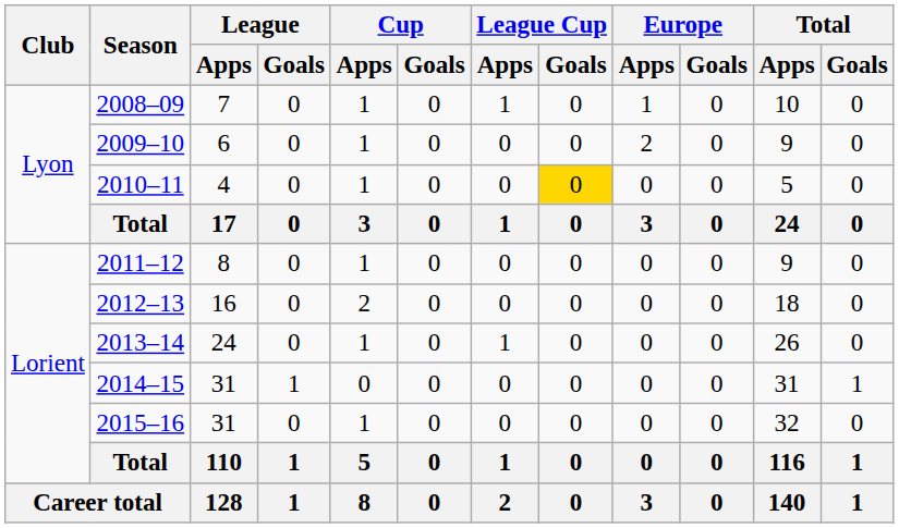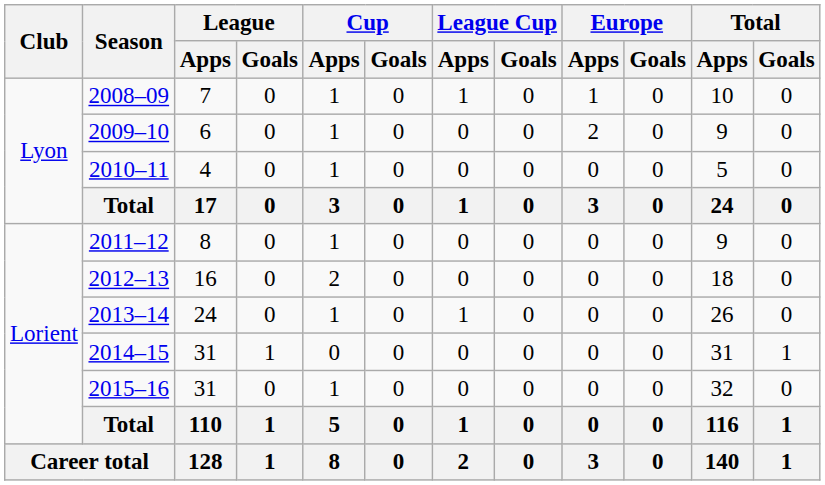 <table class="wikitable" style="text-align: center">
 <tr>
 <th rowspan="2">Club</th>
 <th rowspan="2">Season</th>
 <th colspan="2">League</th>
 <th colspan="2"><a href='#'>Cup</a></th>
 <th colspan="2"><a href='#'>League Cup</a></th>
 <th colspan="2"><a href='#'>Europe</a></th>
 <th colspan="2">Total</th>
 </tr>
 <tr>
 <th>Apps</th>
 <th>Goals</th>
 <th>Apps</th>
 <th>Goals</th>
 <th>Apps</th>
 <th>Goals</th>
 <th>Apps</th>
 <th>Goals</th>
 <th>Apps</th>
 <th>Goals</th>
 </tr>
 <tr>
 <td rowspan="4"><a href='#'>Lyon</a></td>
 <td><a href='#'>2008–09</a></td>
 <td>7</td>
 <td>0</td>
 <td>1</td>
 <td>0</td>
 <td>1</td>
 <td>0</td>
 <td>1</td>
 <td>0</td>
 <td>10</td>
 <td>0</td>
 </tr>
 <tr>
 <td><a href='#'>2009–10</a></td>
 <td>6</td>
 <td>0</td>
 <td>1</td>
 <td>0</td>
 <td>0</td>
 <td>0</td>
 <td>2</td>
 <td>0</td>
 <td>9</td>
 <td>0</td>
 </tr>
 <tr>
 <td><a href='#'>2010–11</a></td>
 <td>4</td>
 <td>0</td>
 <td>1</td>
 <td>0</td>
 <td>0</td>
-<td style="background: gold;">0</td>
+<td>0</td>
 <td>0</td>
 <td>0</td>
 <td>5</td>
 <td>0</td>
 </tr>
 <tr>
 <th>Total</th>
 <th>17</th>
 <th>0</th>
 <th>3</th>
 <th>0</th>
 <th>1</th>
 <th>0</th>
 <th>3</th>
 <th>0</th>
 <th>24</th>
 <th>0</th>
 </tr>
 <tr>
 <td rowspan="6"><a href='#'>Lorient</a></td>
 <td><a href='#'>2011–12</a></td>
 <td>8</td>
 <td>0</td>
 <td>1</td>
 <td>0</td>
 <td>0</td>
 <td>0</td>
 <td>0</td>
 <td>0</td>
 <td>9</td>
 <td>0</td>
 </tr>
 <tr>
 <td><a href='#'>2012–13</a></td>
 <td>16</td>
 <td>0</td>
 <td>2</td>
 <td>0</td>
 <td>0</td>
 <td>0</td>
 <td>0</td>
 <td>0</td>
 <td>18</td>
 <td>0</td>
 </tr>
 <tr>
 <td><a href='#'>2013–14</a></td>
 <td>24</td>
 <td>0</td>
 <td>1</td>
 <td>0</td>
 <td>1</td>
 <td>0</td>
 <td>0</td>
 <td>0</td>
 <td>26</td>
 <td>0</td>
 </tr>
 <tr>
 <td><a href='#'>2014–15</a></td>
 <td>31</td>
 <td>1</td>
 <td>0</td>
 <td>0</td>
 <td>0</td>
 <td>0</td>
 <td>0</td>
 <td>0</td>
 <td>31</td>
 <td>1</td>
 </tr>
 <tr>
 <td><a href='#'>2015–16</a></td>
 <td>31</td>
 <td>0</td>
 <td>1</td>
 <td>0</td>
 <td>0</td>
 <td>0</td>
 <td>0</td>
 <td>0</td>
 <td>32</td>
 <td>0</td>
 </tr>
 <tr>
 <th>Total</th>
 <th>110</th>
 <th>1</th>
 <th>5</th>
 <th>0</th>
 <th>1</th>
 <th>0</th>
 <th>0</th>
 <th>0</th>
 <th>116</th>
 <th>1</th>
 </tr>
 <tr>
 <th colspan="2">Career total</th>
 <th>128</th>
 <th>1</th>
 <th>8</th>
 <th>0</th>
 <th>2</th>
 <th>0</th>
 <th>3</th>
 <th>0</th>
 <th>140</th>
 <th>1</th>
 </tr>
 </table>
